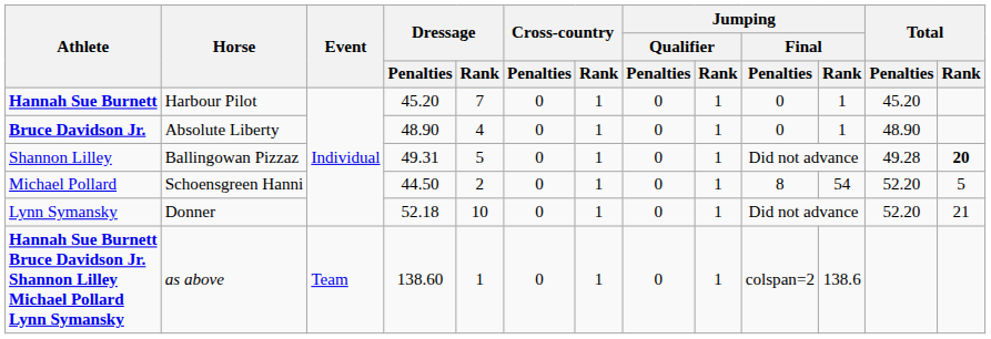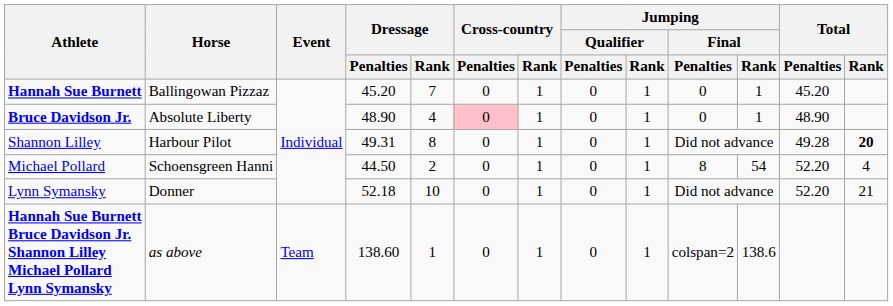 <table class="wikitable" style="font-size:90%">
 <tr>
 <th rowspan=3>Athlete</th>
 <th rowspan=3>Horse</th>
 <th rowspan=3>Event</th>
 <th colspan=2 rowspan=2>Dressage</th>
 <th colspan=2 rowspan=2>Cross-country</th>
 <th colspan=4>Jumping</th>
 <th colspan=2 rowspan=2>Total</th>
 </tr>
 <tr>
 <th colspan=2>Qualifier</th>
 <th colspan=2>Final</th>
 </tr>
 <tr>
 <th>Penalties</th>
 <th>Rank</th>
 <th>Penalties</th>
 <th>Rank</th>
 <th>Penalties</th>
 <th>Rank</th>
 <th>Penalties</th>
 <th>Rank</th>
 <th>Penalties</th>
 <th>Rank</th>
 </tr>
 <tr align=center>
 <td align=left><strong><a href='#'>Hannah Sue Burnett</a></strong></td>
-<td align=left>Harbour Pilot</td>
+<td align=left>Ballingowan Pizzaz</td>
 <td align=left rowspan=5><a href='#'>Individual</a></td>
 <td>45.20</td>
 <td>7</td>
 <td>0</td>
 <td>1</td>
 <td>0</td>
 <td>1</td>
 <td>0</td>
 <td>1</td>
 <td>45.20</td>
 <td></td>
 </tr>
 <tr align=center>
 <td align=left><strong><a href='#'>Bruce Davidson Jr.</a></strong></td>
 <td align=left>Absolute Liberty</td>
 <td>48.90</td>
 <td>4</td>
-<td>0</td>
+<td style="background: pink;">0</td>
 <td>1</td>
 <td>0</td>
 <td>1</td>
 <td>0</td>
 <td>1</td>
 <td>48.90</td>
 <td></td>
 </tr>
 <tr align=center>
 <td align=left><a href='#'>Shannon Lilley</a></td>
-<td align=left>Ballingowan Pizzaz</td>
+<td align=left>Harbour Pilot</td>
 <td>49.31</td>
-<td>5</td>
+<td>8</td>
 <td>0</td>
 <td>1</td>
 <td>0</td>
 <td>1</td>
 <td colspan=2>Did not advance</td>
 <td>49.28</td>
 <td><strong>20</strong></td>
 </tr>
 <tr align=center>
 <td align=left><a href='#'>Michael Pollard</a></td>
 <td align=left>Schoensgreen Hanni</td>
 <td>44.50</td>
 <td>2</td>
 <td>0</td>
 <td>1</td>
 <td>0</td>
 <td>1</td>
 <td>8</td>
 <td>54</td>
 <td>52.20</td>
-<td>5</td>
+<td>4</td>
 </tr>
 <tr align=center>
 <td align=left><a href='#'>Lynn Symansky</a></td>
 <td align=left>Donner</td>
 <td>52.18</td>
 <td>10</td>
 <td>0</td>
 <td>1</td>
 <td>0</td>
 <td>1</td>
 <td colspan=2>Did not advance</td>
 <td>52.20</td>
 <td>21</td>
 </tr>
 <tr align=center>
 <td align=left><strong><a href='#'>Hannah Sue Burnett</a><br><a href='#'>Bruce Davidson Jr.</a><br><a href='#'>Shannon Lilley</a><br><a href='#'>Michael Pollard</a><br><a href='#'>Lynn Symansky</a></strong></td>
 <td align=left><em>as above</em></td>
 <td align=left><a href='#'>Team</a></td>
 <td>138.60</td>
 <td>1</td>
 <td>0</td>
 <td>1</td>
 <td>0</td>
 <td>1</td>
 <td>colspan=2 </td>
 <td>138.6</td>
 <td></td>
 </tr>
 </table>
